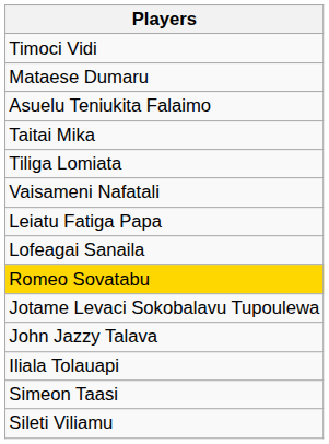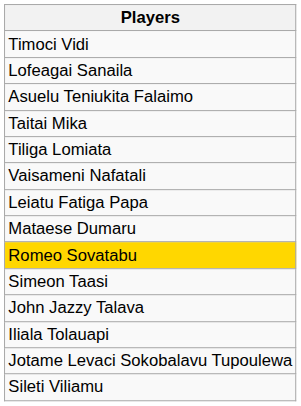 <table class="wikitable">
 <tr>
 <th>Players</th>
 </tr>
 <tr>
 <td>Timoci Vidi</td>
 </tr>
 <tr>
-<td>Mataese Dumaru</td>
+<td>Lofeagai Sanaila</td>
 </tr>
 <tr>
 <td>Asuelu Teniukita Falaimo</td>
 </tr>
 <tr>
 <td>Taitai Mika</td>
 </tr>
 <tr>
 <td>Tiliga Lomiata</td>
 </tr>
 <tr>
 <td>Vaisameni Nafatali</td>
 </tr>
 <tr>
 <td>Leiatu Fatiga Papa</td>
 </tr>
 <tr>
-<td>Lofeagai Sanaila</td>
+<td>Mataese Dumaru</td>
 </tr>
 <tr>
 <td style="background: gold;">Romeo Sovatabu</td>
 </tr>
 <tr>
-<td>Jotame Levaci Sokobalavu Tupoulewa</td>
+<td>Simeon Taasi</td>
 </tr>
 <tr>
 <td>John Jazzy Talava</td>
 </tr>
 <tr>
 <td>Iliala Tolauapi</td>
 </tr>
 <tr>
-<td>Simeon Taasi</td>
+<td>Jotame Levaci Sokobalavu Tupoulewa</td>
 </tr>
 <tr>
 <td>Sileti Viliamu</td>
 </tr>
 </table>
